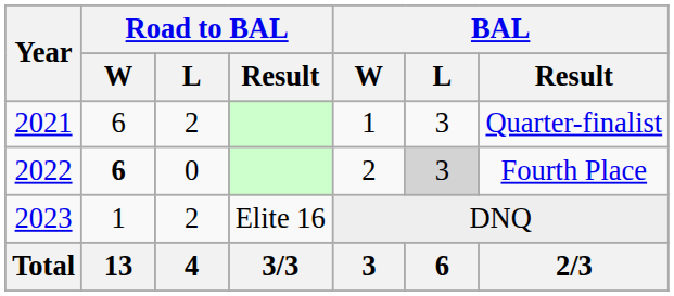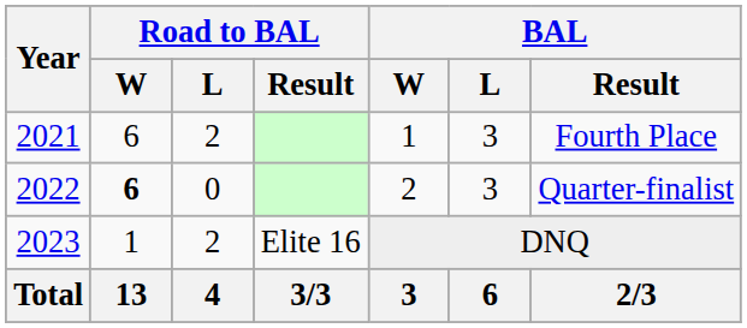 <table class="wikitable" style="font-size:90%; text-align:center;">
 <tr>
 <th rowspan="2">Year</th>
 <th colspan="3"><a href='#'>Road to BAL</a></th>
 <th colspan="3"><a href='#'>BAL</a></th>
 </tr>
 <tr>
 <th width=30>W</th>
 <th width=30>L</th>
 <th>Result</th>
 <th width=30>W</th>
 <th width=30>L</th>
 <th>Result</th>
 </tr>
 <tr>
 <td><a href='#'>2021</a></td>
 <td>6</td>
 <td>2</td>
 <td bgcolor=#cfc></td>
 <td>1</td>
 <td>3</td>
-<td><a href='#'>Quarter-finalist</a></td>
+<td><a href='#'>Fourth Place</a></td>
 </tr>
 <tr>
 <td><a href='#'>2022</a></td>
 <td><strong>6</strong></td>
 <td>0</td>
 <td bgcolor=#cfc></td>
 <td>2</td>
-<td style="background: lightgrey;">3</td>
-<td><a href='#'>Fourth Place</a></td>
+<td>3</td>
+<td><a href='#'>Quarter-finalist</a></td>
 </tr>
 <tr>
 <td><a href='#'>2023</a></td>
 <td>1</td>
 <td>2</td>
 <td>Elite 16</td>
 <td colspan="3" bgcolor=#eee>DNQ</td>
 </tr>
 <tr>
 <th>Total</th>
 <th>13</th>
 <th>4</th>
 <th>3/3</th>
 <th>3</th>
 <th>6</th>
 <th>2/3</th>
 </tr>
 </table>
